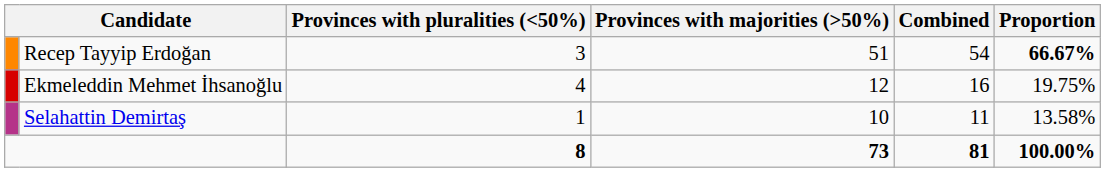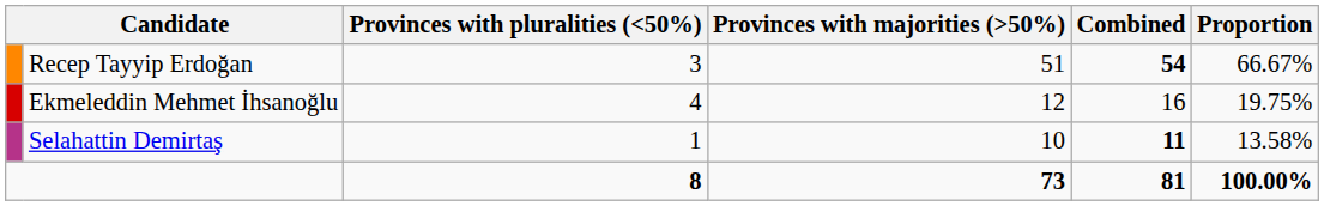 <table class=wikitable style=text-align:right>
 <tr>
 <th scope="col", colspan="2">Candidate</th>
 <th>Provinces with pluralities (<50%)</th>
 <th>Provinces with majorities (>50%)</th>
 <th>Combined</th>
 <th>Proportion</th>
 </tr>
 <tr>
 <td style="background:#ff8700; width:4px; text-align:center;"></td>
 <td align=left>Recep Tayyip Erdoğan</td>
 <td>3</td>
 <td>51</td>
-<td>54</td>
-<td><strong>66.67%</strong></td>
+<td><strong>54</strong></td>
+<td>66.67%</td>
 </tr>
 <tr>
 <td style="background:#d70000; width:4px; text-align:center;"></td>
 <td align=left>Ekmeleddin Mehmet İhsanoğlu</td>
 <td>4</td>
 <td>12</td>
 <td>16</td>
 <td>19.75%</td>
 </tr>
 <tr>
 <td style="background:#B53389; width:4px; text-align:center;"></td>
 <td align=left><a href='#'>Selahattin Demirtaş</a></td>
 <td>1</td>
 <td>10</td>
-<td>11</td>
+<td><strong>11</strong></td>
 <td>13.58%</td>
 </tr>
 <tr>
 <td scope="col", colspan="2"></td>
 <td><strong>8</strong></td>
 <td><strong>73</strong></td>
 <td><strong>81</strong></td>
 <td><strong>100.00%</strong></td>
 </tr>
 </table>
